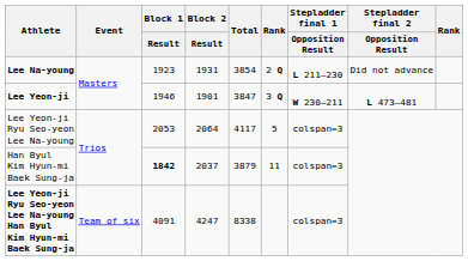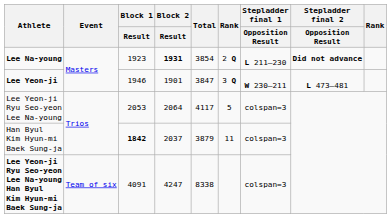 <table class=wikitable style=font-size:90%;text-align:center>
 <tr>
 <th rowspan="2">Athlete</th>
 <th rowspan="2">Event</th>
 <th>Block 1</th>
 <th>Block 2</th>
 <th rowspan="2">Total</th>
 <th rowspan="2">Rank</th>
 <th>Stepladder<br>final 1</th>
 <th>Stepladder<br>final 2</th>
 <th rowspan="2">Rank</th>
 </tr>
 <tr style="font-size:95%">
 <th>Result</th>
 <th>Result</th>
 <th>Opposition<br>Result</th>
 <th>Opposition<br>Result</th>
 </tr>
 <tr>
 <td align=left><strong>Lee Na-young</strong></td>
 <td align=left rowspan=2><a href='#'>Masters</a></td>
 <td>1923</td>
-<td>1931</td>
+<td><strong>1931</strong></td>
 <td>3854</td>
 <td>2 <strong>Q</strong></td>
 <td><br><strong>L</strong> 211–230</td>
-<td>Did not advance</td>
+<td><strong>Did not advance</strong></td>
 <td></td>
 </tr>
 <tr>
 <td align=left><strong>Lee Yeon-ji</strong></td>
 <td>1946</td>
 <td>1901</td>
 <td>3847</td>
 <td>3 <strong>Q</strong></td>
 <td><br><strong>W</strong> 230–211</td>
 <td><br><strong>L</strong> 473–481</td>
 <td></td>
 </tr>
 <tr>
 <td align=left>Lee Yeon-ji<br>Ryu Seo-yeon<br>Lee Na-young</td>
 <td align=left rowspan=2><a href='#'>Trios</a></td>
 <td>2053</td>
 <td>2064</td>
 <td>4117</td>
 <td>5</td>
 <td>colspan=3 </td>
 </tr>
 <tr>
 <td align=left>Han Byul<br>Kim Hyun-mi<br>Baek Sung-ja</td>
 <td><strong>1842</strong></td>
 <td>2037</td>
 <td>3879</td>
 <td>11</td>
 <td>colspan=3 </td>
 </tr>
 <tr>
 <td align=left><strong>Lee Yeon-ji<br>Ryu Seo-yeon<br>Lee Na-young<br>Han Byul<br>Kim Hyun-mi<br>Baek Sung-ja</strong></td>
 <td align=left><a href='#'>Team of six</a></td>
 <td>4091</td>
 <td>4247</td>
 <td>8338</td>
 <td></td>
 <td>colspan=3 </td>
 </tr>
 </table>
